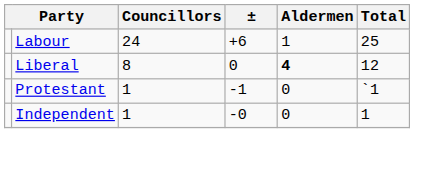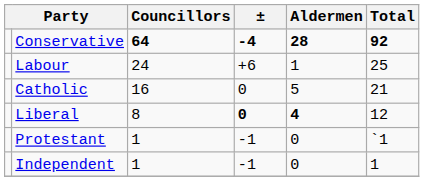 <table class="wikitable">
 <tr>
 <th colspan="2">Party</th>
 <th>Councillors</th>
 <th>  ±  </th>
 <th>Aldermen</th>
 <th>Total</th>
+</tr>
+<tr>
+<td style="background-color: "></td>
+<td><a href='#'>Conservative</a></td>
+<td><strong>64</strong></td>
+<td><strong>-4</strong></td>
+<td><strong>28</strong></td>
+<td><strong>92</strong></td>
 </tr>
 <tr>
 <td style="background-color: "></td>
 <td><a href='#'>Labour</a></td>
 <td>24</td>
 <td>+6</td>
 <td>1</td>
 <td>25</td>
 </tr>
 <tr>
 <td style="background-color: "></td>
+<td><a href='#'>Catholic</a></td>
+<td>16</td>
+<td>0</td>
+<td>5</td>
+<td>21</td>
+</tr>
+<tr>
+<td style="background-color: "></td>
 <td><a href='#'>Liberal</a></td>
 <td>8</td>
-<td>0</td>
+<td><strong>0</strong></td>
 <td><strong>4</strong></td>
 <td>12</td>
 </tr>
 <tr>
 <td style="background-color: "></td>
 <td><a href='#'>Protestant</a></td>
 <td>1</td>
 <td>-1</td>
 <td>0</td>
 <td>`1</td>
 </tr>
 <tr>
 <td style="background-color: "></td>
 <td><a href='#'>Independent</a></td>
 <td>1</td>
-<td>-0</td>
+<td>-1</td>
 <td>0</td>
 <td>1</td>
 </tr>
 <tr>
 </tr>
 </table>
